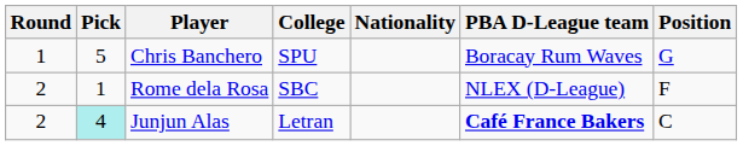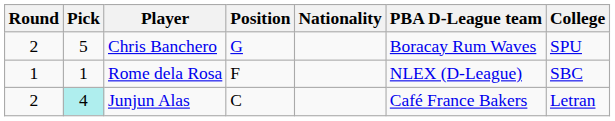 <table class="wikitable sortable sortable">
 <tr>
 <th>Round</th>
 <th>Pick</th>
 <th>Player</th>
-<th>College</th>
+<th>Position</th>
 <th>Nationality</th>
 <th>PBA D-League team</th>
-<th>Position</th>
+<th>College</th>
+</tr>
+<tr>
+<td align=center>2</td>
+<td align=center>5</td>
+<td><a href='#'>Chris Banchero</a></td>
+<td><a href='#'>G</a></td>
+<td></td>
+<td><a href='#'>Boracay Rum Waves</a></td>
+<td><a href='#'>SPU</a></td>
 </tr>
 <tr>
 <td align=center>1</td>
-<td align=center>5</td>
-<td><a href='#'>Chris Banchero</a></td>
-<td><a href='#'>SPU</a></td>
-<td></td>
-<td><a href='#'>Boracay Rum Waves</a></td>
-<td><a href='#'>G</a></td>
-</tr>
-<tr>
-<td align=center>2</td>
 <td align=center>1</td>
 <td><a href='#'>Rome dela Rosa</a></td>
-<td><a href='#'>SBC</a></td>
+<td>F</td>
 <td></td>
 <td><a href='#'>NLEX (D-League)</a></td>
-<td>F</td>
+<td><a href='#'>SBC</a></td>
 </tr>
 <tr>
 <td align=center>2</td>
 <td align=center style="background: paleturquoise;">4</td>
 <td><a href='#'>Junjun Alas</a></td>
+<td>C</td>
+<td></td>
+<td><a href='#'>Café France Bakers</a></td>
 <td><a href='#'>Letran</a></td>
-<td></td>
-<td><strong><a href='#'>Café France Bakers</a></strong></td>
-<td>C</td>
 </tr>
 </table>
